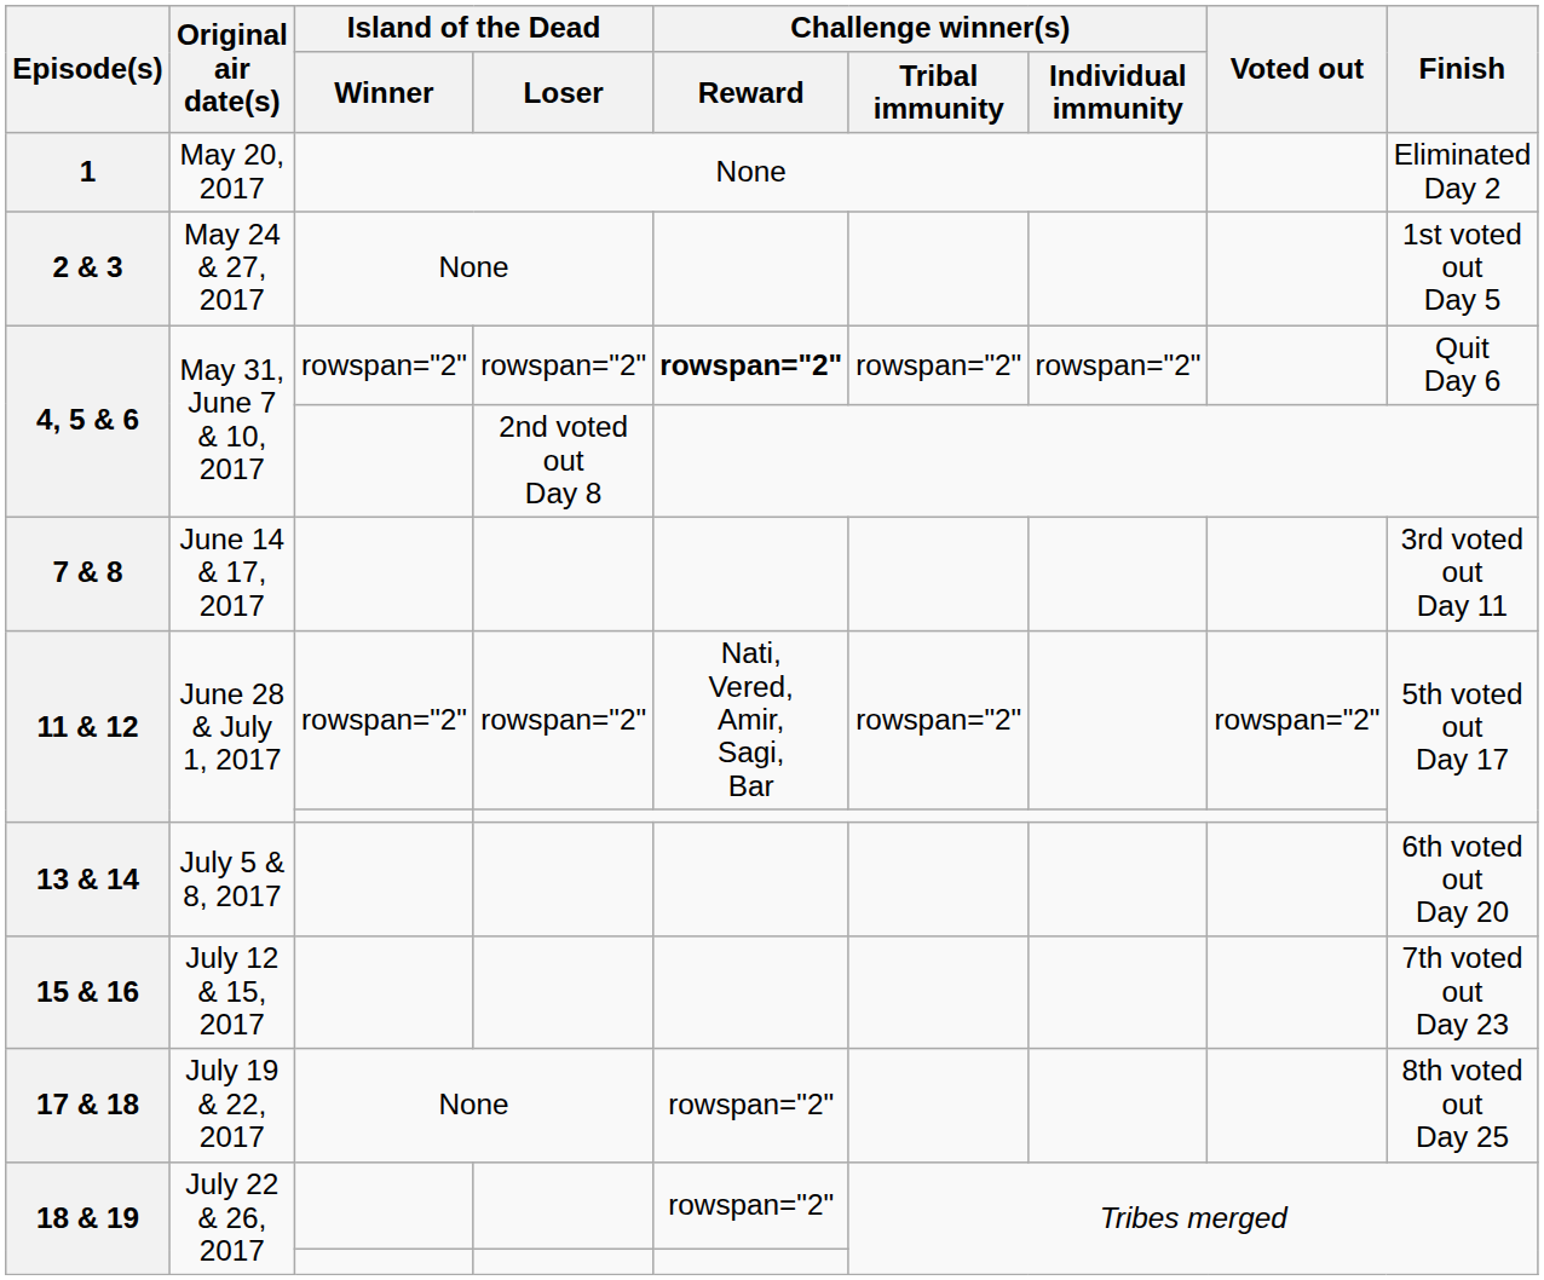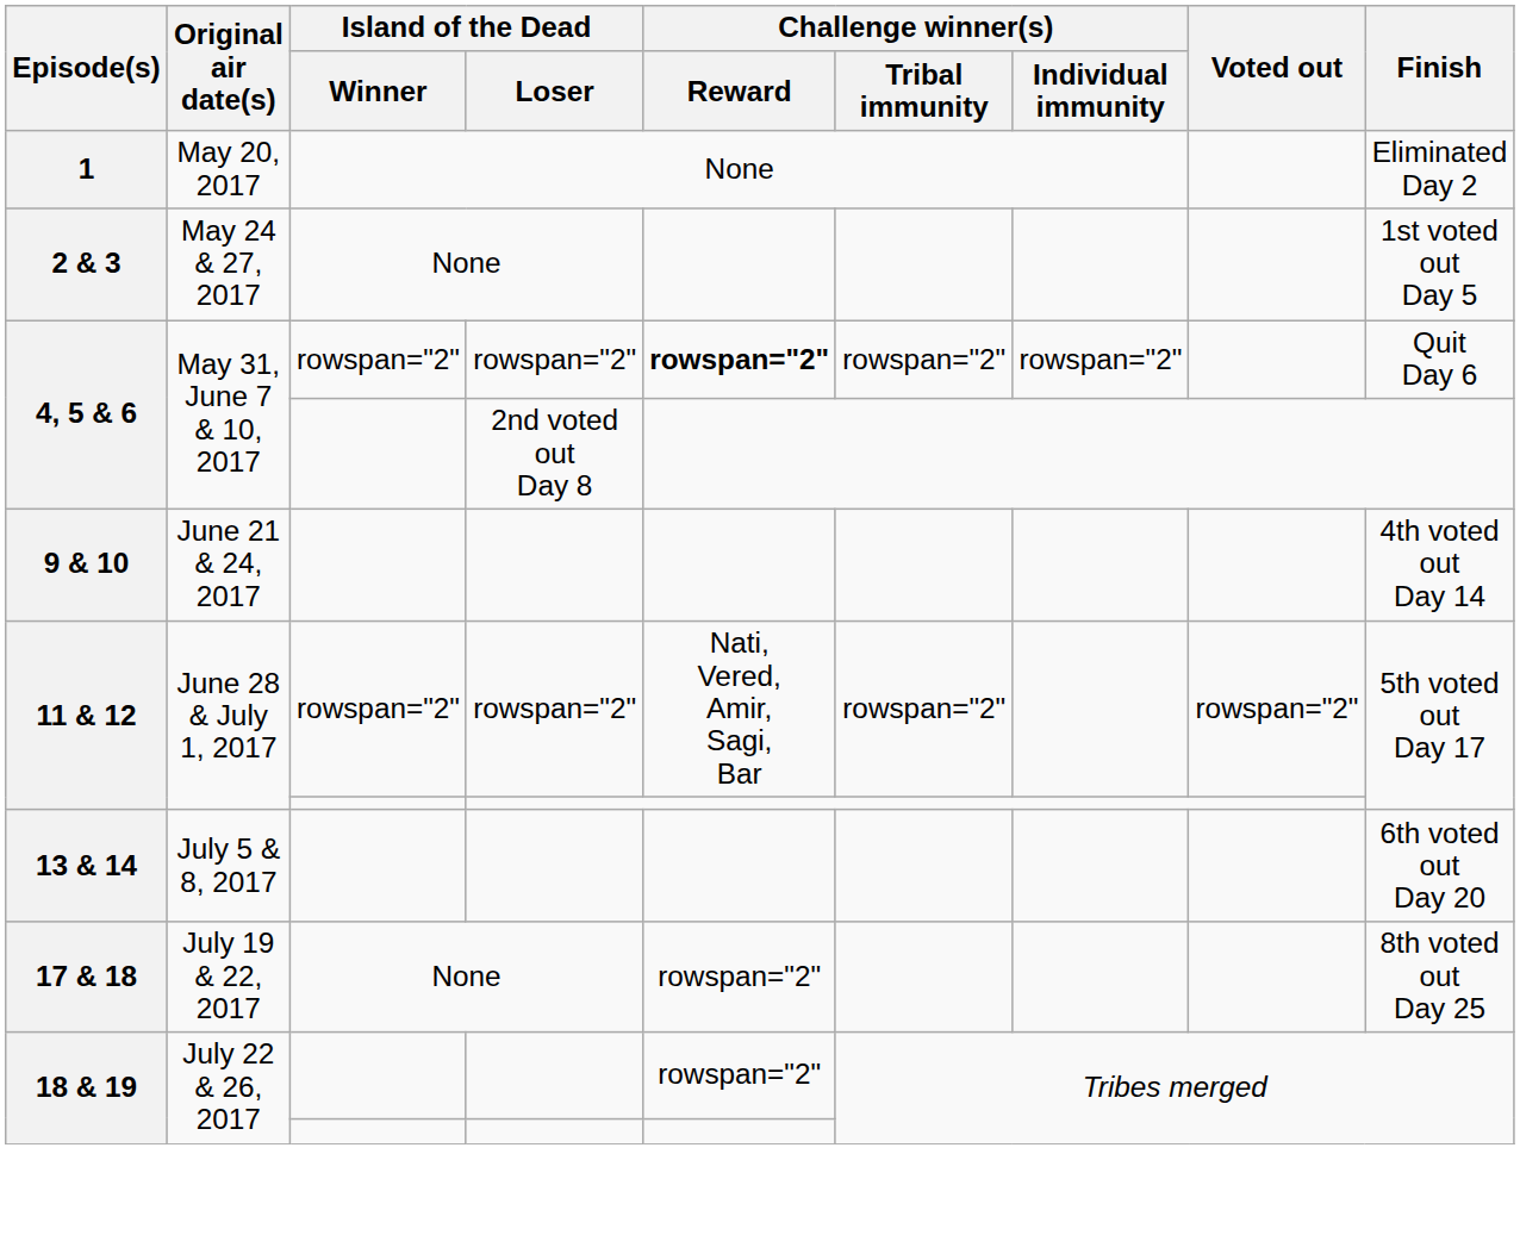 <table class="wikitable plainrowheaders nowrap" style="margin:auto; text-align:center">
 <tr>
 <th scope="col" rowspan="2">Episode(s)</th>
 <th scope="col" rowspan="2">Original air date(s)</th>
 <th scope="col" colspan="2">Island of the Dead</th>
 <th scope="col" colspan="3">Challenge winner(s)</th>
 <th scope="col" rowspan="2">Voted out</th>
 <th scope="col" rowspan="2">Finish</th>
 </tr>
 <tr>
 <th scope="col">Winner</th>
 <th scope="col">Loser</th>
 <th scope="col">Reward</th>
 <th scope="col">Tribal<br>immunity</th>
 <th scope="col">Individual<br> immunity</th>
 </tr>
 <tr>
 <th>1</th>
 <td>May 20, 2017</td>
 <td colspan="5" style="text-align:center;">None</td>
 <td></td>
 <td>Eliminated<br>Day 2</td>
 </tr>
 <tr>
 <th>2 & 3</th>
 <td>May 24 & 27, 2017</td>
 <td colspan="2" style="text-align:center;">None</td>
 <td></td>
 <td></td>
 <td></td>
 <td></td>
 <td>1st voted out<br>Day 5</td>
 </tr>
 <tr>
 <th rowspan="2">4, 5 & 6</th>
 <td rowspan="2">May 31, June 7 & 10, 2017</td>
 <td>rowspan="2" </td>
 <td>rowspan="2" </td>
 <td><strong>rowspan="2" </strong></td>
 <td>rowspan="2" </td>
 <td>rowspan="2" </td>
 <td></td>
 <td>Quit<br>Day 6</td>
 </tr>
 <tr>
 <td></td>
 <td>2nd voted out<br>Day 8</td>
 </tr>
 <tr>
-<th>7 & 8</th>
-<td>June 14 & 17, 2017</td>
+<th>9 & 10</th>
+<td>June 21 & 24, 2017</td>
 <td></td>
 <td></td>
 <td></td>
 <td></td>
 <td></td>
 <td></td>
-<td>3rd voted out<br>Day 11</td>
+<td>4th voted out<br>Day 14</td>
 </tr>
 <tr>
 <th rowspan="2">11 & 12</th>
 <td rowspan="2">June 28 & July 1, 2017</td>
 <td>rowspan="2" </td>
 <td>rowspan="2" </td>
 <td><span>Nati</span>,<br><span>Vered</span>,<br><span>Amir</span>,<br><span>Sagi</span>,<br><span>Bar</span></td>
 <td>rowspan="2" </td>
 <td></td>
 <td>rowspan="2" </td>
 <td rowspan="2">5th voted out<br>Day 17</td>
 </tr>
 <tr>
 <td></td>
 </tr>
 <tr>
 <th>13 & 14</th>
 <td>July 5 & 8, 2017</td>
 <td></td>
 <td></td>
 <td></td>
 <td></td>
 <td></td>
 <td></td>
 <td>6th voted out<br>Day 20</td>
 </tr>
 <tr>
-<th>15 & 16</th>
-<td>July 12 & 15, 2017</td>
-<td></td>
-<td></td>
-<td></td>
-<td></td>
-<td></td>
-<td></td>
-<td>7th voted out<br>Day 23</td>
-</tr>
-<tr>
 <th>17 & 18</th>
 <td>July 19 & 22, 2017</td>
 <td colspan="2">None</td>
 <td>rowspan="2" </td>
 <td></td>
 <td></td>
 <td></td>
 <td>8th voted out<br>Day 25</td>
 </tr>
 <tr>
 <th rowspan="2">18 & 19</th>
 <td rowspan="2">July 22 & 26, 2017</td>
 <td></td>
 <td></td>
 <td>rowspan="2" </td>
 <td rowspan="2" colspan="4"><em>Tribes merged</em></td>
 </tr>
 <tr>
 <td></td>
 <td></td>
 </tr>
 </table>
